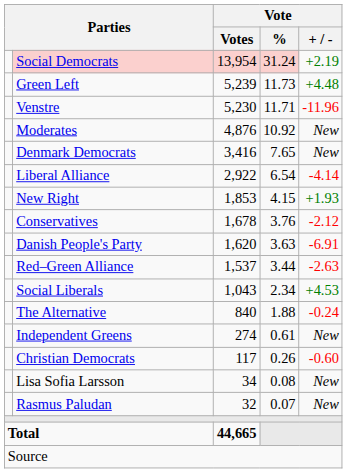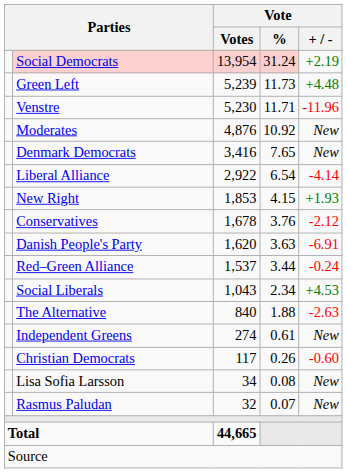 <table class="wikitable" style="text-align:right;">
 <tr>
 <th style="text-align:centre;" rowspan="2" colspan="2" width="225">Parties</th>
 <th colspan="3">Vote</th>
 </tr>
 <tr>
 <th width="15">Votes</th>
 <th width="15">%</th>
 <th width="15">+ / -</th>
 </tr>
 <tr>
 <td width="2" style="color:inherit;background:"></td>
 <td bgcolor=#fbd0ce  align="left"><a href='#'>Social Democrats</a></td>
 <td bgcolor=#fbd0ce>13,954</td>
 <td bgcolor=#fbd0ce>31.24</td>
 <td style=color:green;>+2.19</td>
 </tr>
 <tr>
 <td width="2" style="color:inherit;background:"></td>
 <td align="left"><a href='#'>Green Left</a></td>
 <td>5,239</td>
 <td>11.73</td>
 <td style=color:green;>+4.48</td>
 </tr>
 <tr>
 <td width="2" style="color:inherit;background:"></td>
 <td align="left"><a href='#'>Venstre</a></td>
 <td>5,230</td>
 <td>11.71</td>
 <td style=color:red;>-11.96</td>
 </tr>
 <tr>
 <td width="2" style="color:inherit;background:"></td>
 <td align="left"><a href='#'>Moderates</a></td>
 <td>4,876</td>
 <td>10.92</td>
 <td><em>New</em></td>
 </tr>
 <tr>
 <td width="2" style="color:inherit;background:"></td>
 <td align="left"><a href='#'>Denmark Democrats</a></td>
 <td>3,416</td>
 <td>7.65</td>
 <td><em>New</em></td>
 </tr>
 <tr>
 <td width="2" style="color:inherit;background:"></td>
 <td align="left"><a href='#'>Liberal Alliance</a></td>
 <td>2,922</td>
 <td>6.54</td>
 <td style=color:red;>-4.14</td>
 </tr>
 <tr>
 <td width="2" style="color:inherit;background:"></td>
 <td align="left"><a href='#'>New Right</a></td>
 <td>1,853</td>
 <td>4.15</td>
 <td style=color:green;>+1.93</td>
 </tr>
 <tr>
 <td width="2" style="color:inherit;background:"></td>
 <td align="left"><a href='#'>Conservatives</a></td>
 <td>1,678</td>
 <td>3.76</td>
 <td style=color:red;>-2.12</td>
 </tr>
 <tr>
 <td width="2" style="color:inherit;background:"></td>
 <td align="left"><a href='#'>Danish People's Party</a></td>
 <td>1,620</td>
 <td>3.63</td>
 <td style=color:red;>-6.91</td>
 </tr>
 <tr>
 <td width="2" style="color:inherit;background:"></td>
 <td align="left"><a href='#'>Red–Green Alliance</a></td>
 <td>1,537</td>
 <td>3.44</td>
-<td style=color:red;>-2.63</td>
+<td style=color:red;>-0.24</td>
 </tr>
 <tr>
 <td width="2" style="color:inherit;background:"></td>
 <td align="left"><a href='#'>Social Liberals</a></td>
 <td>1,043</td>
 <td>2.34</td>
 <td style=color:green;>+4.53</td>
 </tr>
 <tr>
 <td width="2" style="color:inherit;background:"></td>
 <td align="left"><a href='#'>The Alternative</a></td>
 <td>840</td>
 <td>1.88</td>
-<td style=color:red;>-0.24</td>
+<td style=color:red;>-2.63</td>
 </tr>
 <tr>
 <td width="2" style="color:inherit;background:"></td>
 <td align="left"><a href='#'>Independent Greens</a></td>
 <td>274</td>
 <td>0.61</td>
 <td><em>New</em></td>
 </tr>
 <tr>
 <td width="2" style="color:inherit;background:"></td>
 <td align="left"><a href='#'>Christian Democrats</a></td>
 <td>117</td>
 <td>0.26</td>
 <td style=color:red;>-0.60</td>
 </tr>
 <tr>
 <td width="2" style="color:inherit;background:"></td>
 <td align="left">Lisa Sofia Larsson</td>
 <td>34</td>
 <td>0.08</td>
 <td><em>New</em></td>
 </tr>
 <tr>
 <td width="2" style="color:inherit;background:"></td>
 <td align="left"><a href='#'>Rasmus Paludan</a></td>
 <td>32</td>
 <td>0.07</td>
 <td><em>New</em></td>
 </tr>
 <tr>
 <td colspan="7" bgcolor="#E9E9E9"></td>
 </tr>
 <tr>
 <td align="left" colspan="2"><strong>Total</strong></td>
 <td><strong>44,665</strong></td>
 <td bgcolor="#E9E9E9" colspan="2"></td>
 </tr>
 <tr>
 <td align="left" colspan="6">Source</td>
 </tr>
 </table>
